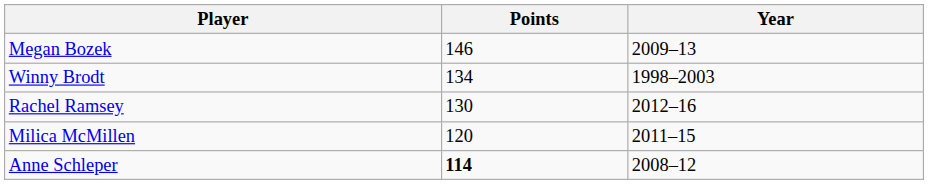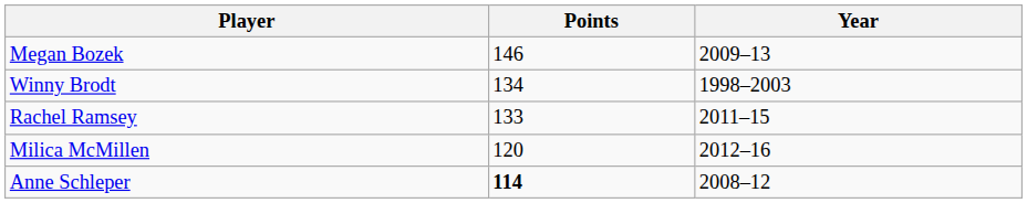 <table class="wikitable" style="width: 50em">
 <tr>
 <th>Player</th>
 <th>Points</th>
 <th>Year</th>
 </tr>
 <tr>
 <td><a href='#'>Megan Bozek</a></td>
 <td>146</td>
 <td>2009–13</td>
 </tr>
 <tr>
 <td><a href='#'>Winny Brodt</a></td>
 <td>134</td>
 <td>1998–2003</td>
 </tr>
 <tr>
 <td><a href='#'>Rachel Ramsey</a></td>
-<td>130</td>
-<td>2012–16</td>
+<td>133</td>
+<td>2011–15</td>
 </tr>
 <tr>
 <td><a href='#'>Milica McMillen</a></td>
 <td>120</td>
-<td>2011–15</td>
+<td>2012–16</td>
 </tr>
 <tr>
 <td><a href='#'>Anne Schleper</a></td>
 <td><strong>114</strong></td>
 <td>2008–12</td>
 </tr>
 </table>
